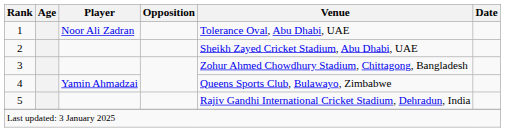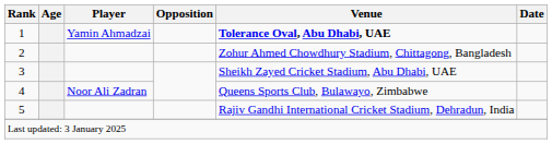 <table class="wikitable plainrowheaders sortable">
 <tr>
 <th scope=col>Rank</th>
 <th scope=col>Age</th>
 <th scope=col>Player</th>
 <th scope=col>Opposition</th>
 <th scope=col>Venue</th>
 <th scope=col>Date</th>
 </tr>
 <tr>
 <td align=center>1</td>
 <th scope=row style=text-align:center;></th>
-<td><a href='#'>Noor Ali Zadran</a></td>
+<td><a href='#'>Yamin Ahmadzai</a></td>
 <td></td>
-<td><a href='#'>Tolerance Oval</a>, <a href='#'>Abu Dhabi</a>, UAE</td>
+<td><strong><a href='#'>Tolerance Oval</a>, <a href='#'>Abu Dhabi</a>, UAE</strong></td>
 <td></td>
 </tr>
 <tr>
 <td align=center>2</td>
 <th scope="row" style="text-align:center;"></th>
 <td></td>
 <td></td>
-<td><a href='#'>Sheikh Zayed Cricket Stadium</a>, <a href='#'>Abu Dhabi</a>, UAE</td>
+<td><a href='#'>Zohur Ahmed Chowdhury Stadium</a>, <a href='#'>Chittagong</a>, Bangladesh</td>
 <td></td>
 </tr>
 <tr>
 <td align=center>3</td>
 <th scope=row style=text-align:center;></th>
 <td></td>
 <td rowspan=2></td>
-<td><a href='#'>Zohur Ahmed Chowdhury Stadium</a>, <a href='#'>Chittagong</a>, Bangladesh</td>
+<td><a href='#'>Sheikh Zayed Cricket Stadium</a>, <a href='#'>Abu Dhabi</a>, UAE</td>
 <td></td>
 </tr>
 <tr>
 <td align=center>4</td>
 <th scope=row style=text-align:center;></th>
-<td><a href='#'>Yamin Ahmadzai</a></td>
+<td><a href='#'>Noor Ali Zadran</a></td>
 <td><a href='#'>Queens Sports Club</a>, <a href='#'>Bulawayo</a>, Zimbabwe</td>
 <td></td>
 </tr>
 <tr>
 <td align=center>5</td>
 <th scope=row style=text-align:center;></th>
 <td></td>
 <td></td>
 <td><a href='#'>Rajiv Gandhi International Cricket Stadium</a>, <a href='#'>Dehradun</a>, India</td>
 <td></td>
 </tr>
 <tr>
 </tr>
 <tr class=sortbottom>
 <td colspan=7><small>Last updated: 3 January 2025</small></td>
 </tr>
 </table>
